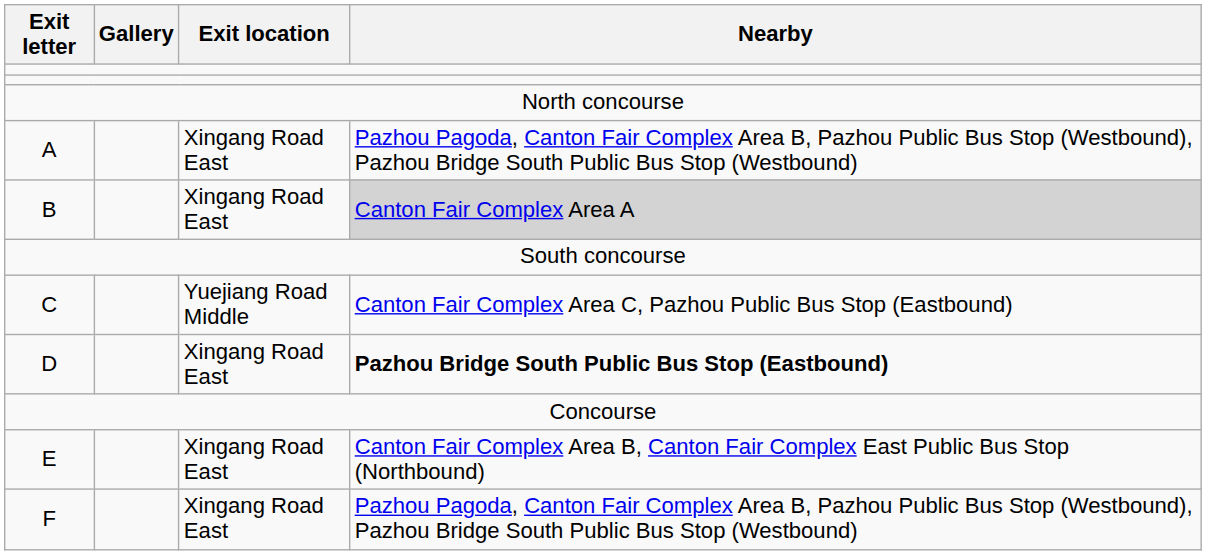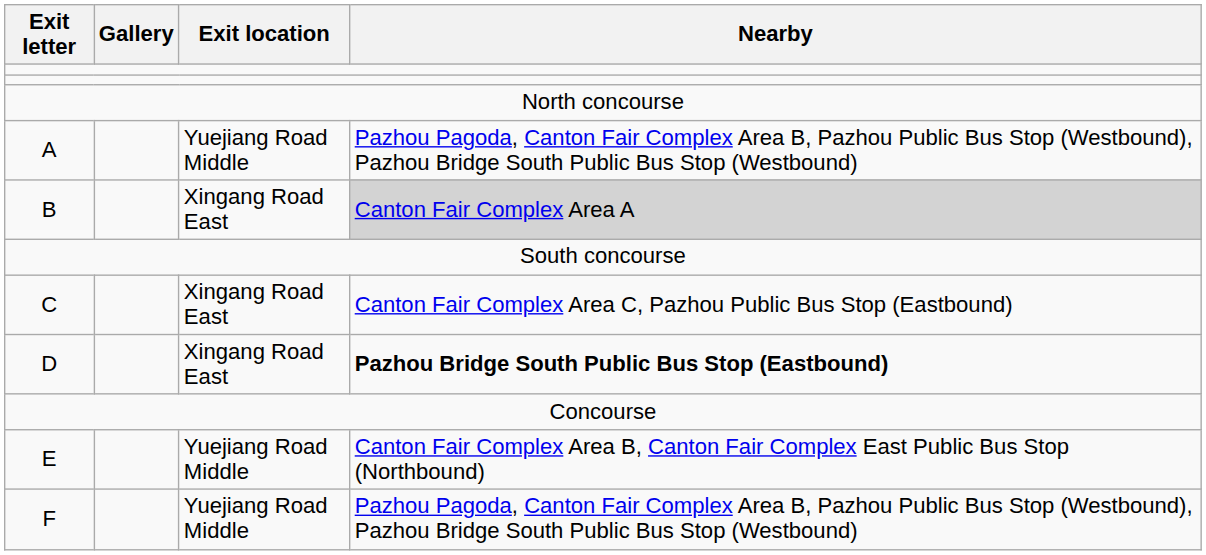 <table class="wikitable">
 <tr>
 <th style="width:70px" colspan="3">Exit letter</th>
 <th>Gallery</th>
 <th>Exit location</th>
 <th>Nearby</th>
 </tr>
 <tr style="background:#">
 <td colspan = "6"></td>
 </tr>
 <tr style="background:#">
 <td colspan = "6"></td>
 </tr>
 <tr>
 <td align="center" colspan="6"> North concourse</td>
 </tr>
 <tr>
 <td align="center" colspan="3">A</td>
 <td></td>
-<td>Xingang Road East</td>
+<td>Yuejiang Road Middle</td>
 <td><a href='#'>Pazhou Pagoda</a>, <a href='#'>Canton Fair Complex</a> Area B, Pazhou Public Bus Stop (Westbound), Pazhou Bridge South Public Bus Stop (Westbound)</td>
 </tr>
 <tr>
 <td align="center" colspan="3">B</td>
 <td></td>
 <td>Xingang Road East</td>
 <td style="background: lightgrey;"><a href='#'>Canton Fair Complex</a> Area A</td>
 </tr>
 <tr>
 <td align="center" colspan="6"> South concourse</td>
 </tr>
 <tr>
 <td align="center" colspan="3">C</td>
 <td></td>
-<td>Yuejiang Road Middle</td>
+<td>Xingang Road East</td>
 <td><a href='#'>Canton Fair Complex</a> Area C, Pazhou Public Bus Stop (Eastbound)</td>
 </tr>
 <tr>
 <td align="center" colspan="3">D</td>
 <td></td>
 <td>Xingang Road East</td>
 <td><strong>Pazhou Bridge South Public Bus Stop (Eastbound)</strong></td>
 </tr>
 <tr>
 <td align="center" colspan="6"> Concourse</td>
 </tr>
 <tr>
 <td align="center" colspan="3">E</td>
 <td></td>
-<td>Xingang Road East</td>
+<td>Yuejiang Road Middle</td>
 <td><a href='#'>Canton Fair Complex</a> Area B, <a href='#'>Canton Fair Complex</a> East Public Bus Stop (Northbound)</td>
 </tr>
 <tr>
 <td align="center" colspan="3">F</td>
 <td></td>
-<td>Xingang Road East</td>
+<td>Yuejiang Road Middle</td>
 <td><a href='#'>Pazhou Pagoda</a>, <a href='#'>Canton Fair Complex</a> Area B, Pazhou Public Bus Stop (Westbound), Pazhou Bridge South Public Bus Stop (Westbound)</td>
 </tr>
 </table>
